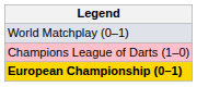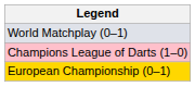 <table class="wikitable">
 <tr>
 <th>Legend</th>
 </tr>
 <tr style="background:#dfe2e9;">
 <td>World Matchplay (0–1)</td>
 </tr>
 <tr style="background:pink;">
 <td>Champions League of Darts (1–0)</td>
 </tr>
 <tr style="background:gold;">
-<td><strong>European Championship (0–1)</strong></td>
+<td>European Championship (0–1)</td>
 </tr>
 </table>
